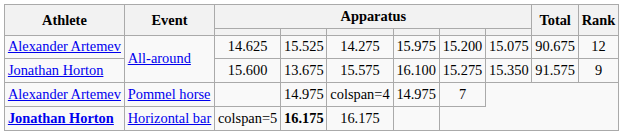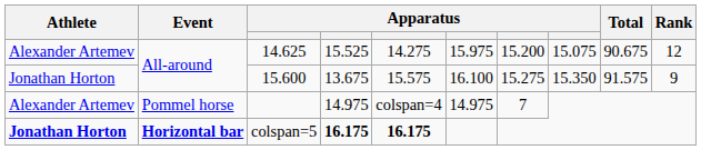 <table class=wikitable style=font-size:90%;text-align:center>
 <tr>
 <th rowspan=2>Athlete</th>
 <th rowspan=2>Event</th>
 <th colspan=6>Apparatus</th>
 <th rowspan=2>Total</th>
 <th rowspan=2>Rank</th>
 </tr>
 <tr style=font-size:95%>
 <th></th>
 <th></th>
 <th></th>
 <th></th>
 <th></th>
 <th></th>
 </tr>
 <tr>
 <td align=left><a href='#'>Alexander Artemev</a></td>
 <td align=left rowspan=2><a href='#'>All-around</a></td>
 <td>14.625</td>
 <td>15.525</td>
 <td>14.275</td>
 <td>15.975</td>
 <td>15.200</td>
 <td>15.075</td>
 <td>90.675</td>
 <td>12</td>
 </tr>
 <tr>
 <td align=left><a href='#'>Jonathan Horton</a></td>
 <td>15.600</td>
 <td>13.675</td>
 <td>15.575</td>
 <td>16.100</td>
 <td>15.275</td>
 <td>15.350</td>
 <td>91.575</td>
 <td>9</td>
 </tr>
 <tr>
 <td align=left><a href='#'>Alexander Artemev</a></td>
 <td align=left><a href='#'>Pommel horse</a></td>
 <td></td>
 <td>14.975</td>
 <td>colspan=4 </td>
 <td>14.975</td>
 <td>7</td>
 </tr>
 <tr>
 <td align=left><strong><a href='#'>Jonathan Horton</a></strong></td>
-<td align=left><a href='#'>Horizontal bar</a></td>
+<td align=left><strong><a href='#'>Horizontal bar</a></strong></td>
 <td>colspan=5 </td>
 <td><strong>16.175</strong></td>
-<td>16.175</td>
+<td><strong>16.175</strong></td>
 <td></td>
 </tr>
 </table>
